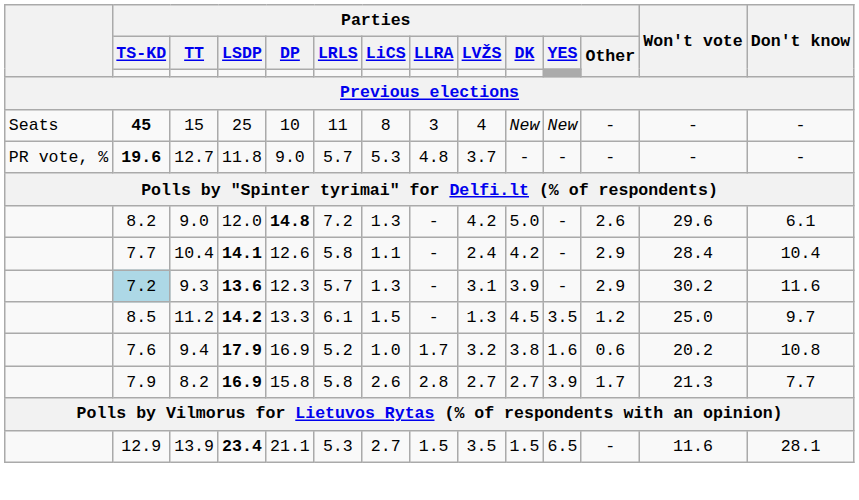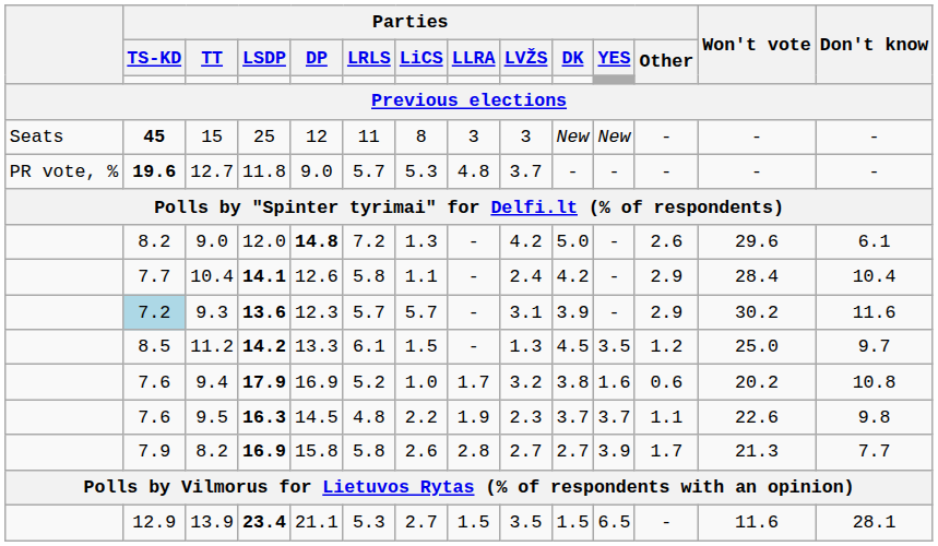 <table class=wikitable style="text-align:center; font-size:85%; line-height:16px">
 <tr>
 <th rowspan=3></th>
 <th colspan=11>Parties</th>
 <th rowspan=3>Won't vote</th>
 <th rowspan=3>Don't know</th>
 </tr>
 <tr>
 <th><a href='#'>TS-KD</a></th>
 <th><a href='#'>TT</a></th>
 <th><a href='#'>LSDP</a></th>
 <th><a href='#'>DP</a></th>
 <th><a href='#'>LRLS</a></th>
 <th><a href='#'>LiCS</a></th>
 <th><a href='#'>LLRA</a></th>
 <th><a href='#'>LVŽS</a></th>
 <th><a href='#'>DK</a></th>
 <th><a href='#'>YES</a></th>
 <th rowspan=2>Other</th>
 </tr>
 <tr>
 <td style="background:"></td>
 <td style="background:"></td>
 <td style="background:"></td>
 <td style="background:"></td>
 <td style="background:"></td>
 <td style="background:"></td>
 <td style="background:"></td>
 <td style="background:"></td>
 <td style="background:"></td>
 <td style="background:#ABABAB"></td>
 </tr>
 <tr>
 <th colspan=14><a href='#'>Previous elections</a></th>
 </tr>
 <tr>
 <td align=left>Seats</td>
 <td style="background:"><strong>45</strong></td>
 <td>15</td>
 <td>25</td>
-<td>10</td>
+<td>12</td>
 <td>11</td>
 <td>8</td>
 <td>3</td>
-<td>4</td>
+<td>3</td>
 <td><em>New</em></td>
 <td><em>New</em></td>
 <td>-</td>
 <td>-</td>
 <td>-</td>
 </tr>
 <tr>
 <td align=left>PR vote, %</td>
 <td style="background:"><strong>19.6</strong></td>
 <td>12.7</td>
 <td>11.8</td>
 <td>9.0</td>
 <td>5.7</td>
 <td>5.3</td>
 <td>4.8</td>
 <td>3.7</td>
 <td>-</td>
 <td>-</td>
 <td>-</td>
 <td>-</td>
 <td>-</td>
 </tr>
 <tr>
 <th colspan=14>Polls by "Spinter tyrimai" for <a href='#'>Delfi.lt</a> (% of respondents)</th>
 </tr>
 <tr>
 <td align=left></td>
 <td>8.2</td>
 <td>9.0</td>
 <td>12.0</td>
 <td style="background:"><strong>14.8</strong></td>
 <td>7.2</td>
 <td>1.3</td>
 <td>-</td>
 <td>4.2</td>
 <td>5.0</td>
 <td>-</td>
 <td>2.6</td>
 <td>29.6</td>
 <td>6.1</td>
 </tr>
 <tr>
 <td align=left></td>
 <td>7.7</td>
 <td>10.4</td>
 <td style="background:"><strong>14.1</strong></td>
 <td>12.6</td>
 <td>5.8</td>
 <td>1.1</td>
 <td>-</td>
 <td>2.4</td>
 <td>4.2</td>
 <td>-</td>
 <td>2.9</td>
 <td>28.4</td>
 <td>10.4</td>
 </tr>
 <tr>
 <td align=left></td>
 <td style="background: lightblue;">7.2</td>
 <td>9.3</td>
 <td style="background:"><strong>13.6</strong></td>
 <td>12.3</td>
 <td>5.7</td>
-<td>1.3</td>
+<td>5.7</td>
 <td>-</td>
 <td>3.1</td>
 <td>3.9</td>
 <td>-</td>
 <td>2.9</td>
 <td>30.2</td>
 <td>11.6</td>
 </tr>
 <tr>
 <td align=left></td>
 <td>8.5</td>
 <td>11.2</td>
 <td style="background:"><strong>14.2</strong></td>
 <td>13.3</td>
 <td>6.1</td>
 <td>1.5</td>
 <td>-</td>
 <td>1.3</td>
 <td>4.5</td>
 <td>3.5</td>
 <td>1.2</td>
 <td>25.0</td>
 <td>9.7</td>
 </tr>
 <tr>
 <td align=left></td>
 <td>7.6</td>
 <td>9.4</td>
 <td style="background:"><strong>17.9</strong></td>
 <td>16.9</td>
 <td>5.2</td>
 <td>1.0</td>
 <td>1.7</td>
 <td>3.2</td>
 <td>3.8</td>
 <td>1.6</td>
 <td>0.6</td>
 <td>20.2</td>
 <td>10.8</td>
 </tr>
 <tr>
 <td align=left></td>
+<td>7.6</td>
+<td>9.5</td>
+<td style="background:"><strong>16.3</strong></td>
+<td>14.5</td>
+<td>4.8</td>
+<td>2.2</td>
+<td>1.9</td>
+<td>2.3</td>
+<td>3.7</td>
+<td>3.7</td>
+<td>1.1</td>
+<td>22.6</td>
+<td>9.8</td>
+</tr>
+<tr>
+<td align=left></td>
 <td>7.9</td>
 <td>8.2</td>
 <td style="background:"><strong>16.9</strong></td>
 <td>15.8</td>
 <td>5.8</td>
 <td>2.6</td>
 <td>2.8</td>
 <td>2.7</td>
 <td>2.7</td>
 <td>3.9</td>
 <td>1.7</td>
 <td>21.3</td>
 <td>7.7</td>
 </tr>
 <tr>
 <th colspan=14>Polls by Vilmorus for <a href='#'>Lietuvos Rytas</a> (% of respondents with an opinion)</th>
 </tr>
 <tr>
 <td align=left></td>
 <td>12.9</td>
 <td>13.9</td>
 <td style="background:"><strong>23.4</strong></td>
 <td>21.1</td>
 <td>5.3</td>
 <td>2.7</td>
 <td>1.5</td>
 <td>3.5</td>
 <td>1.5</td>
 <td>6.5</td>
 <td>-</td>
 <td>11.6</td>
 <td>28.1</td>
 </tr>
 </table>
